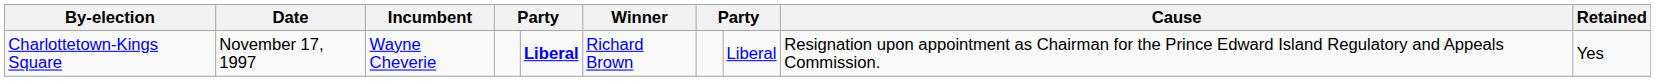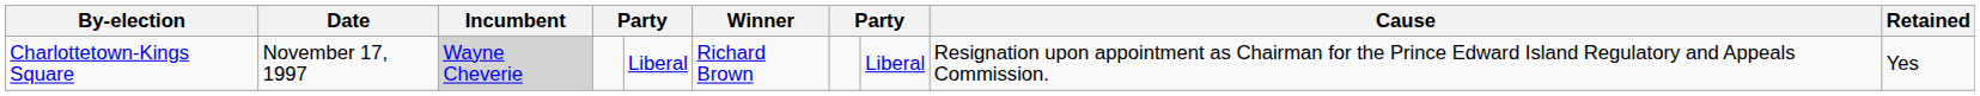 <table class=wikitable style="width:100%">
 <tr>
 <th>By-election</th>
 <th>Date</th>
 <th>Incumbent</th>
 <th colspan=2>Party</th>
 <th>Winner</th>
 <th colspan=2>Party</th>
 <th>Cause</th>
 <th>Retained</th>
 </tr>
 <tr>
 <td><a href='#'>Charlottetown-Kings Square</a></td>
 <td>November 17, 1997</td>
-<td><a href='#'>Wayne Cheverie</a></td>
+<td style="background: lightgrey;"><a href='#'>Wayne Cheverie</a></td>
 <td>    </td>
-<td><strong><a href='#'>Liberal</a></strong></td>
+<td><a href='#'>Liberal</a></td>
 <td><a href='#'>Richard Brown</a></td>
 <td>    </td>
 <td><a href='#'>Liberal</a></td>
 <td>Resignation upon appointment as Chairman for the Prince Edward Island Regulatory and Appeals Commission.</td>
 <td>Yes</td>
 </tr>
 </table>
